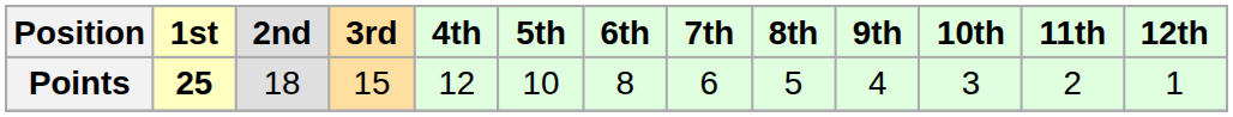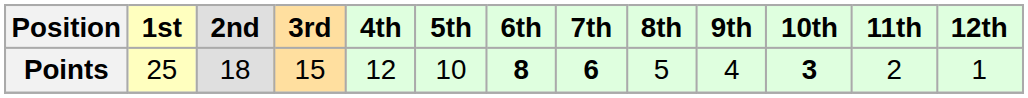 <table class="wikitable" style="font-size:85%; text-align:center">
 <tr>
 <th>Position</th>
 <td style="background:#ffffbf;"> <strong>1st</strong> </td>
 <td style="background:#dfdfdf;"> <strong>2nd</strong> </td>
 <td style="background:#ffdf9f;"> <strong>3rd</strong> </td>
 <td style="background:#dfffdf;"> <strong>4th</strong> </td>
 <td style="background:#dfffdf;"> <strong>5th</strong> </td>
 <td style="background:#dfffdf;"> <strong>6th</strong> </td>
 <td style="background:#dfffdf;"> <strong>7th</strong> </td>
 <td style="background:#dfffdf;"> <strong>8th</strong> </td>
 <td style="background:#dfffdf;"> <strong>9th</strong> </td>
 <td style="background:#dfffdf;"> <strong>10th</strong> </td>
 <td style="background:#dfffdf;"> <strong>11th</strong> </td>
 <td style="background:#dfffdf;"> <strong>12th</strong> </td>
 </tr>
 <tr>
 <th>Points</th>
-<td style="background:#ffffbf;"><strong>25</strong></td>
+<td style="background:#ffffbf;">25</td>
 <td style="background:#dfdfdf;">18</td>
 <td style="background:#ffdf9f;">15</td>
 <td style="background:#dfffdf;">12</td>
 <td style="background:#dfffdf;">10</td>
-<td style="background:#dfffdf;">8</td>
-<td style="background:#dfffdf;">6</td>
+<td style="background:#dfffdf;"><strong>8</strong></td>
+<td style="background:#dfffdf;"><strong>6</strong></td>
 <td style="background:#dfffdf;">5</td>
 <td style="background:#dfffdf;">4</td>
-<td style="background:#dfffdf;">3</td>
+<td style="background:#dfffdf;"><strong>3</strong></td>
 <td style="background:#dfffdf;">2</td>
 <td style="background:#dfffdf;">1</td>
 </tr>
 <tr>
 </tr>
 </table>
